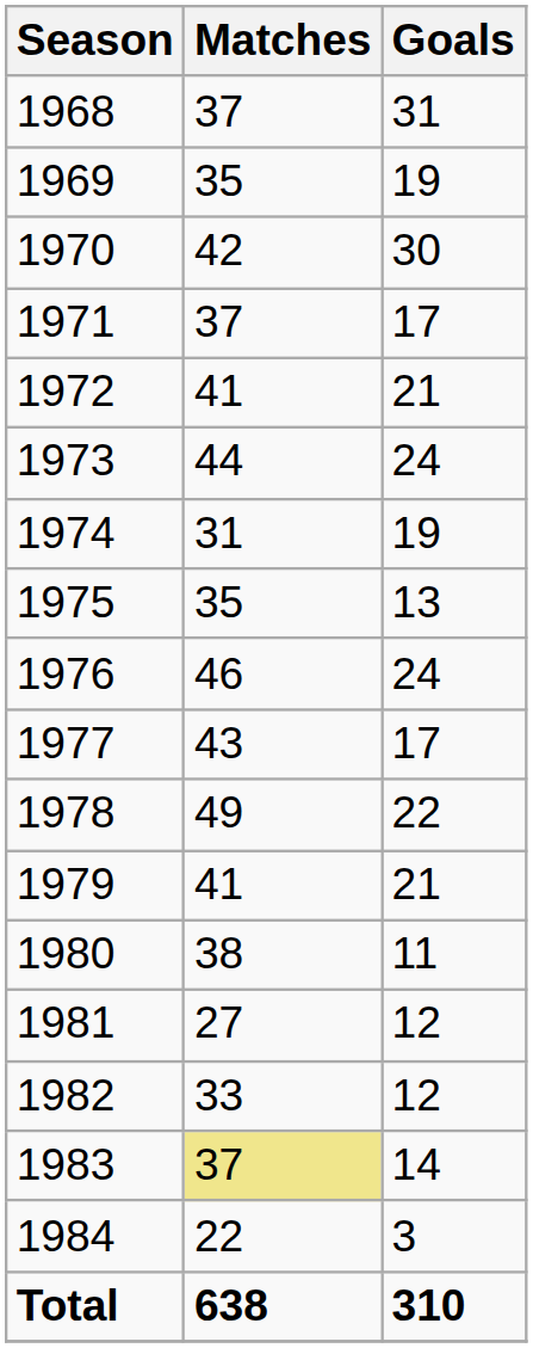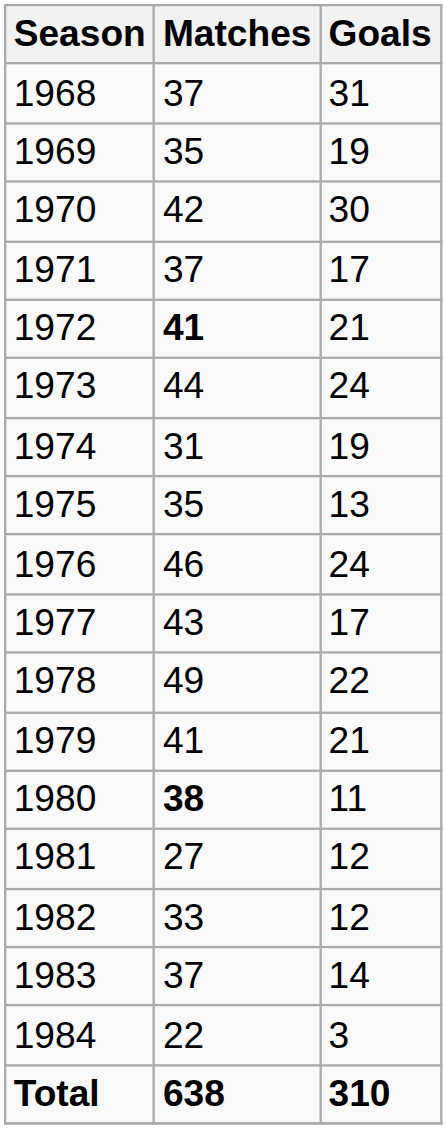 <table class="wikitable">
 <tr>
 <th>Season</th>
 <th>Matches</th>
 <th>Goals</th>
 </tr>
 <tr>
 <td>1968</td>
 <td>37</td>
 <td>31</td>
 </tr>
 <tr>
 <td>1969</td>
 <td>35</td>
 <td>19</td>
 </tr>
 <tr>
 <td>1970</td>
 <td>42</td>
 <td>30</td>
 </tr>
 <tr>
 <td>1971</td>
 <td>37</td>
 <td>17</td>
 </tr>
 <tr>
 <td>1972</td>
-<td>41</td>
+<td><strong>41</strong></td>
 <td>21</td>
 </tr>
 <tr>
 <td>1973</td>
 <td>44</td>
 <td>24</td>
 </tr>
 <tr>
 <td>1974</td>
 <td>31</td>
 <td>19</td>
 </tr>
 <tr>
 <td>1975</td>
 <td>35</td>
 <td>13</td>
 </tr>
 <tr>
 <td>1976</td>
 <td>46</td>
 <td>24</td>
 </tr>
 <tr>
 <td>1977</td>
 <td>43</td>
 <td>17</td>
 </tr>
 <tr>
 <td>1978</td>
 <td>49</td>
 <td>22</td>
 </tr>
 <tr>
 <td>1979</td>
 <td>41</td>
 <td>21</td>
 </tr>
 <tr>
 <td>1980</td>
-<td>38</td>
+<td><strong>38</strong></td>
 <td>11</td>
 </tr>
 <tr>
 <td>1981</td>
 <td>27</td>
 <td>12</td>
 </tr>
 <tr>
 <td>1982</td>
 <td>33</td>
 <td>12</td>
 </tr>
 <tr>
 <td>1983</td>
-<td style="background: khaki;">37</td>
+<td>37</td>
 <td>14</td>
 </tr>
 <tr>
 <td>1984</td>
 <td>22</td>
 <td>3</td>
 </tr>
 <tr>
 <td><strong>Total</strong></td>
 <td><strong>638</strong></td>
 <td><strong>310</strong></td>
 </tr>
 <tr>
 </tr>
 </table>
